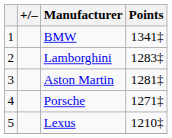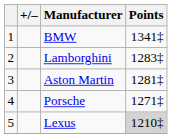 <table class="wikitable" style="font-size: 95%;">
 <tr>
 <th scope="col"></th>
 <th scope="col">+/–</th>
 <th scope="col">Manufacturer</th>
 <th scope="col">Points</th>
 </tr>
 <tr>
 <td align=center>1</td>
 <td align="left"></td>
 <td> <a href='#'>BMW</a></td>
 <td align=right>1341‡</td>
 </tr>
 <tr>
 <td align=center>2</td>
 <td align="left"></td>
 <td> <a href='#'>Lamborghini</a></td>
 <td align=right>1283‡</td>
 </tr>
 <tr>
 <td align=center>3</td>
 <td align="left"></td>
 <td> <a href='#'>Aston Martin</a></td>
 <td align=right>1281‡</td>
 </tr>
 <tr>
 <td align=center>4</td>
 <td align="left"></td>
 <td> <a href='#'>Porsche</a></td>
 <td align=right>1271‡</td>
 </tr>
 <tr>
 <td align=center>5</td>
 <td align="left"></td>
 <td> <a href='#'>Lexus</a></td>
-<td align=right>1210‡</td>
+<td align=right style="background: lightgrey;">1210‡</td>
 </tr>
 <tr>
 </tr>
 </table>
